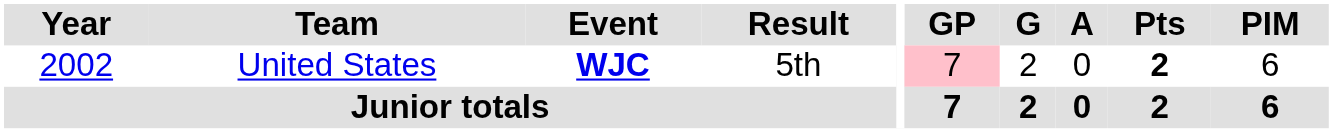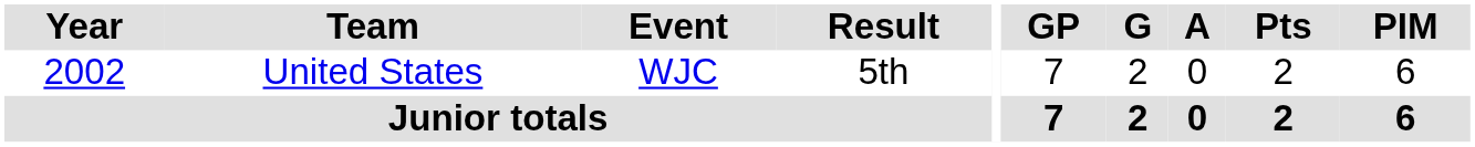 <table border="0" cellpadding="1" cellspacing="0" ID="Table3" style="text-align:center; width:40em">
 <tr bgcolor="#e0e0e0">
 <th>Year</th>
 <th>Team</th>
 <th>Event</th>
 <th>Result</th>
 <th rowspan="99" bgcolor="#ffffff"></th>
 <th>GP</th>
 <th>G</th>
 <th>A</th>
 <th>Pts</th>
 <th>PIM</th>
 </tr>
 <tr>
 <td><a href='#'>2002</a></td>
 <td><a href='#'>United States</a></td>
-<td><strong><a href='#'>WJC</a></strong></td>
+<td><a href='#'>WJC</a></td>
 <td>5th</td>
-<td style="background: pink;">7</td>
+<td>7</td>
 <td>2</td>
 <td>0</td>
-<td><strong>2</strong></td>
+<td>2</td>
 <td>6</td>
 </tr>
 <tr bgcolor="#e0e0e0">
 <th colspan="4">Junior totals</th>
 <th>7</th>
 <th>2</th>
 <th>0</th>
 <th>2</th>
 <th>6</th>
 </tr>
 </table>
